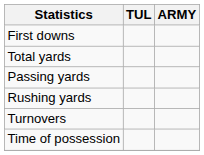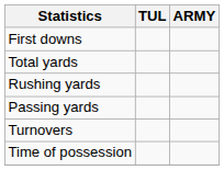 <table class="wikitable">
 <tr>
 <th>Statistics</th>
 <th>TUL</th>
 <th>ARMY</th>
 </tr>
 <tr>
 <td>First downs</td>
 <td></td>
 <td></td>
 </tr>
 <tr>
 <td>Total yards</td>
 <td></td>
 <td></td>
 </tr>
 <tr>
-<td>Passing yards</td>
+<td>Rushing yards</td>
 <td></td>
 <td></td>
 </tr>
 <tr>
-<td>Rushing yards</td>
+<td>Passing yards</td>
 <td></td>
 <td></td>
 </tr>
 <tr>
 <td>Turnovers</td>
 <td></td>
 <td></td>
 </tr>
 <tr>
 <td>Time of possession</td>
 <td></td>
 <td></td>
 </tr>
 <tr>
 </tr>
 </table>
